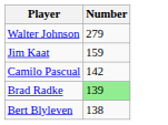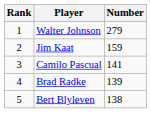 <table class="wikitable" style="font-size: 95%; text-align:left;">
 <tr>
+<th>Rank</th>
 <th>Player</th>
 <th>Number</th>
 </tr>
 <tr>
+<td align="center">1</td>
 <td><a href='#'>Walter Johnson</a></td>
 <td>279</td>
 </tr>
 <tr>
+<td align="center">2</td>
 <td><a href='#'>Jim Kaat</a></td>
 <td>159</td>
 </tr>
 <tr>
+<td align="center">3</td>
 <td><a href='#'>Camilo Pascual</a></td>
-<td>142</td>
+<td>141</td>
 </tr>
 <tr>
+<td align="center">4</td>
 <td><a href='#'>Brad Radke</a></td>
-<td style="background: lightgreen;">139</td>
+<td>139</td>
 </tr>
 <tr>
+<td align="center">5</td>
 <td><a href='#'>Bert Blyleven</a></td>
 <td>138</td>
 </tr>
 </table>
